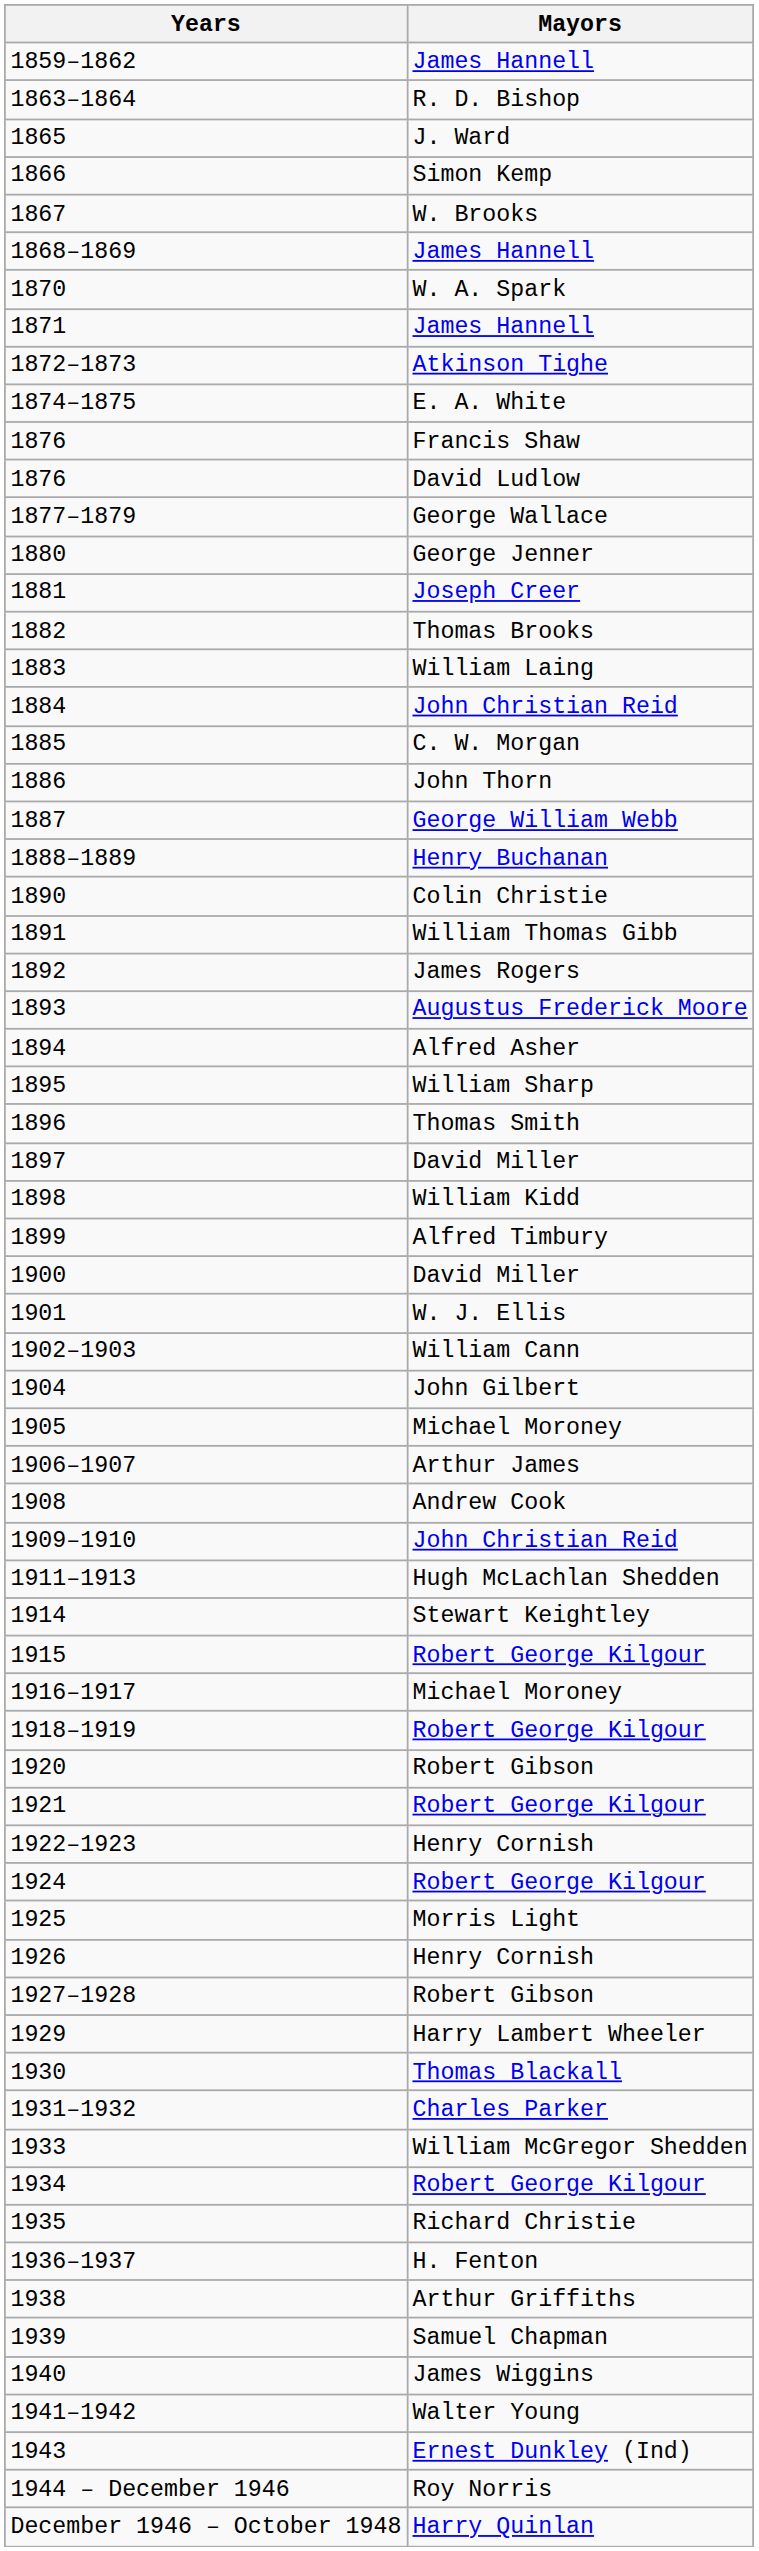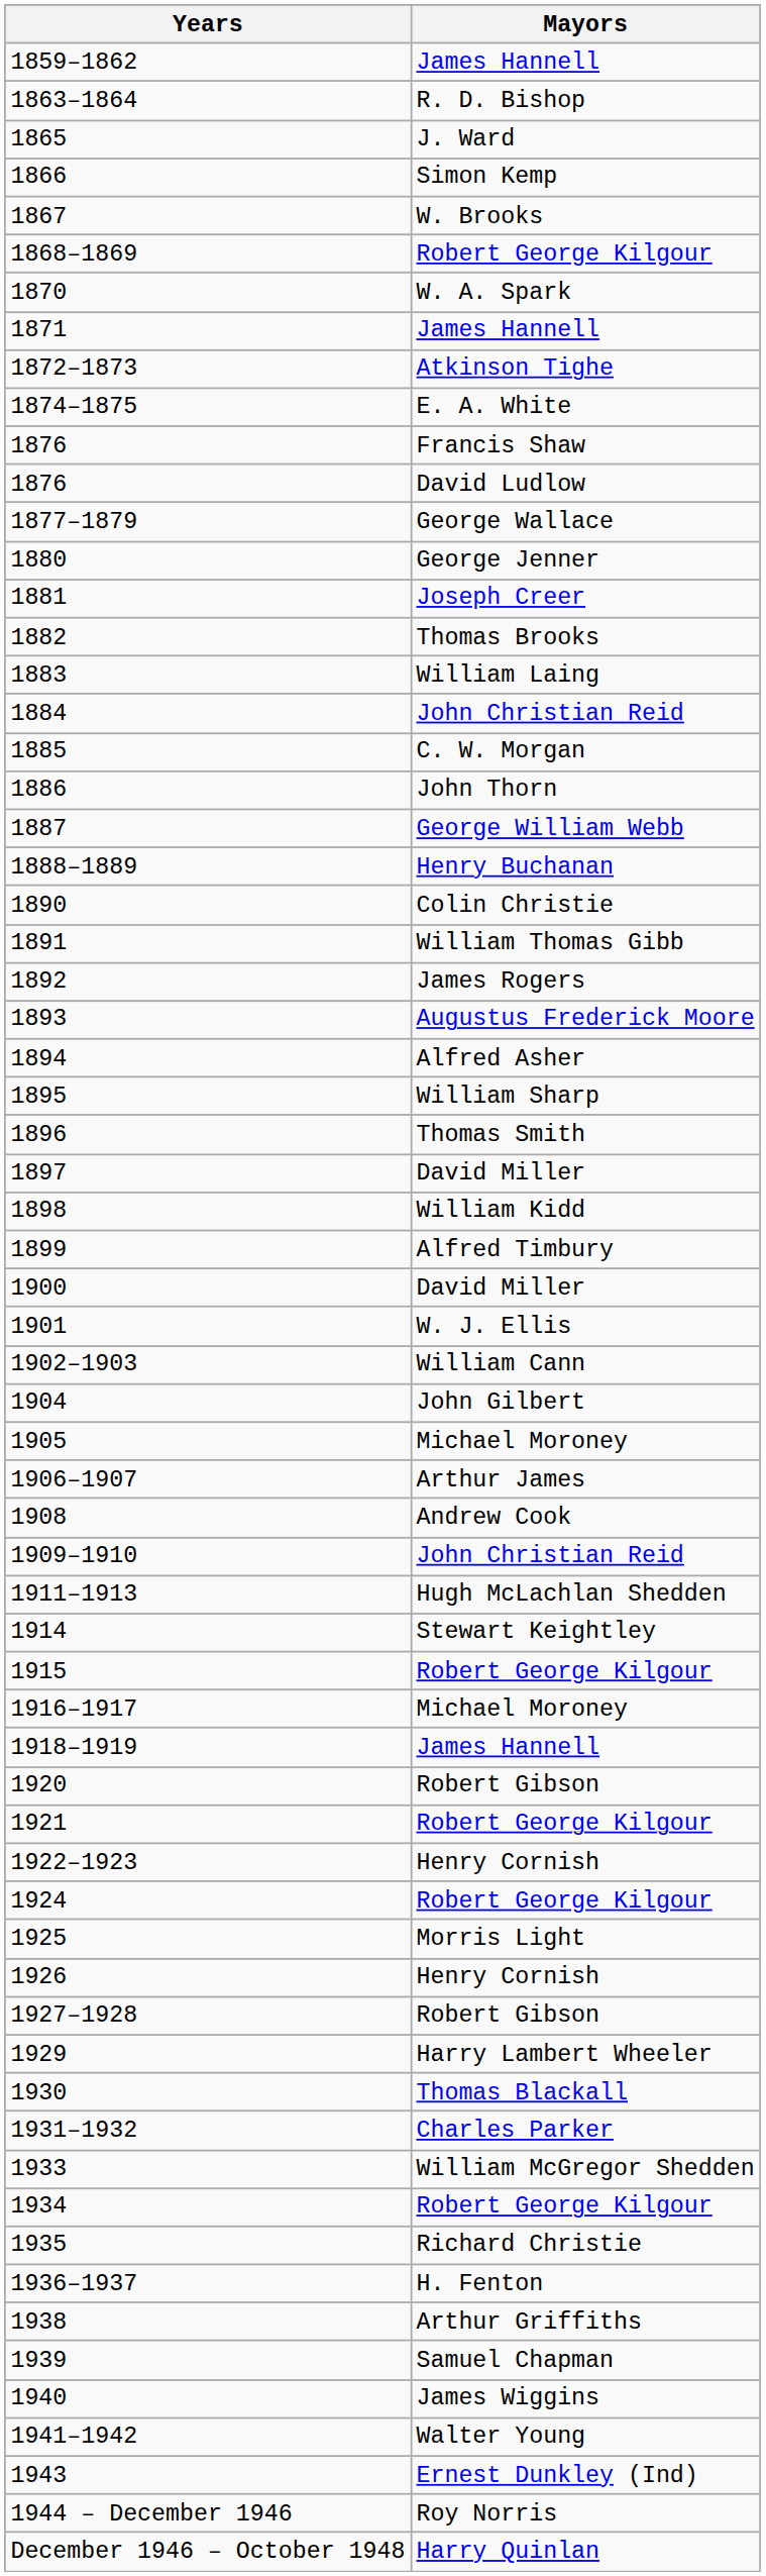 <table class="wikitable">
 <tr>
 <th>Years</th>
 <th>Mayors</th>
 </tr>
 <tr>
 <td>1859–1862</td>
 <td><a href='#'>James Hannell</a></td>
 </tr>
 <tr>
 <td>1863–1864</td>
 <td>R. D. Bishop</td>
 </tr>
 <tr>
 <td>1865</td>
 <td>J. Ward</td>
 </tr>
 <tr>
 <td>1866</td>
 <td>Simon Kemp</td>
 </tr>
 <tr>
 <td>1867</td>
 <td>W. Brooks</td>
 </tr>
 <tr>
 <td>1868–1869</td>
-<td><a href='#'>James Hannell</a></td>
+<td><a href='#'>Robert George Kilgour</a></td>
 </tr>
 <tr>
 <td>1870</td>
 <td>W. A. Spark</td>
 </tr>
 <tr>
 <td>1871</td>
 <td><a href='#'>James Hannell</a></td>
 </tr>
 <tr>
 <td>1872–1873</td>
 <td><a href='#'>Atkinson Tighe</a></td>
 </tr>
 <tr>
 <td>1874–1875</td>
 <td>E. A. White</td>
 </tr>
 <tr>
 <td>1876</td>
 <td>Francis Shaw</td>
 </tr>
 <tr>
 <td>1876</td>
 <td>David Ludlow</td>
 </tr>
 <tr>
 <td>1877–1879</td>
 <td>George Wallace</td>
 </tr>
 <tr>
 <td>1880</td>
 <td>George Jenner</td>
 </tr>
 <tr>
 <td>1881</td>
 <td><a href='#'>Joseph Creer</a></td>
 </tr>
 <tr>
 <td>1882</td>
 <td>Thomas Brooks</td>
 </tr>
 <tr>
 <td>1883</td>
 <td>William Laing</td>
 </tr>
 <tr>
 <td>1884</td>
 <td><a href='#'>John Christian Reid</a></td>
 </tr>
 <tr>
 <td>1885</td>
 <td>C. W. Morgan</td>
 </tr>
 <tr>
 <td>1886</td>
 <td>John Thorn</td>
 </tr>
 <tr>
 <td>1887</td>
 <td><a href='#'>George William Webb</a></td>
 </tr>
 <tr>
 <td>1888–1889</td>
 <td><a href='#'>Henry Buchanan</a></td>
 </tr>
 <tr>
 <td>1890</td>
 <td>Colin Christie</td>
 </tr>
 <tr>
 <td>1891</td>
 <td>William Thomas Gibb</td>
 </tr>
 <tr>
 <td>1892</td>
 <td>James Rogers</td>
 </tr>
 <tr>
 <td>1893</td>
 <td><a href='#'>Augustus Frederick Moore</a></td>
 </tr>
 <tr>
 <td>1894</td>
 <td>Alfred Asher</td>
 </tr>
 <tr>
 <td>1895</td>
 <td>William Sharp</td>
 </tr>
 <tr>
 <td>1896</td>
 <td>Thomas Smith</td>
 </tr>
 <tr>
 <td>1897</td>
 <td>David Miller</td>
 </tr>
 <tr>
 <td>1898</td>
 <td>William Kidd</td>
 </tr>
 <tr>
 <td>1899</td>
 <td>Alfred Timbury</td>
 </tr>
 <tr>
 <td>1900</td>
 <td>David Miller</td>
 </tr>
 <tr>
 <td>1901</td>
 <td>W. J. Ellis</td>
 </tr>
 <tr>
 <td>1902–1903</td>
 <td>William Cann</td>
 </tr>
 <tr>
 <td>1904</td>
 <td>John Gilbert</td>
 </tr>
 <tr>
 <td>1905</td>
 <td>Michael Moroney</td>
 </tr>
 <tr>
 <td>1906–1907</td>
 <td>Arthur James</td>
 </tr>
 <tr>
 <td>1908</td>
 <td>Andrew Cook</td>
 </tr>
 <tr>
 <td>1909–1910</td>
 <td><a href='#'>John Christian Reid</a></td>
 </tr>
 <tr>
 <td>1911–1913</td>
 <td>Hugh McLachlan Shedden</td>
 </tr>
 <tr>
 <td>1914</td>
 <td>Stewart Keightley</td>
 </tr>
 <tr>
 <td>1915</td>
 <td><a href='#'>Robert George Kilgour</a></td>
 </tr>
 <tr>
 <td>1916–1917</td>
 <td>Michael Moroney</td>
 </tr>
 <tr>
 <td>1918–1919</td>
-<td><a href='#'>Robert George Kilgour</a></td>
+<td><a href='#'>James Hannell</a></td>
 </tr>
 <tr>
 <td>1920</td>
 <td>Robert Gibson</td>
 </tr>
 <tr>
 <td>1921</td>
 <td><a href='#'>Robert George Kilgour</a></td>
 </tr>
 <tr>
 <td>1922–1923</td>
 <td>Henry Cornish</td>
 </tr>
 <tr>
 <td>1924</td>
 <td><a href='#'>Robert George Kilgour</a></td>
 </tr>
 <tr>
 <td>1925</td>
 <td>Morris Light</td>
 </tr>
 <tr>
 <td>1926</td>
 <td>Henry Cornish</td>
 </tr>
 <tr>
 <td>1927–1928</td>
 <td>Robert Gibson</td>
 </tr>
 <tr>
 <td>1929</td>
 <td>Harry Lambert Wheeler</td>
 </tr>
 <tr>
 <td>1930</td>
 <td><a href='#'>Thomas Blackall</a></td>
 </tr>
 <tr>
 <td>1931–1932</td>
 <td><a href='#'>Charles Parker</a></td>
 </tr>
 <tr>
 <td>1933</td>
 <td>William McGregor Shedden</td>
 </tr>
 <tr>
 <td>1934</td>
 <td><a href='#'>Robert George Kilgour</a></td>
 </tr>
 <tr>
 <td>1935</td>
 <td>Richard Christie</td>
 </tr>
 <tr>
 <td>1936–1937</td>
 <td>H. Fenton</td>
 </tr>
 <tr>
 <td>1938</td>
 <td>Arthur Griffiths</td>
 </tr>
 <tr>
 <td>1939</td>
 <td>Samuel Chapman</td>
 </tr>
 <tr>
 <td>1940</td>
 <td>James Wiggins</td>
 </tr>
 <tr>
 <td>1941–1942</td>
 <td>Walter Young</td>
 </tr>
 <tr>
 <td>1943</td>
 <td><a href='#'>Ernest Dunkley</a> (Ind)</td>
 </tr>
 <tr>
 <td>1944 – December 1946</td>
 <td>Roy Norris</td>
 </tr>
 <tr>
 <td>December 1946 – October 1948</td>
 <td><a href='#'>Harry Quinlan</a></td>
 </tr>
 </table>
